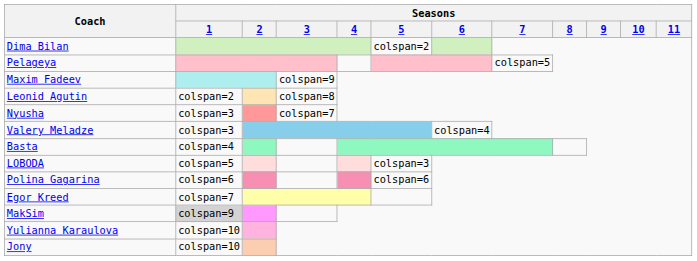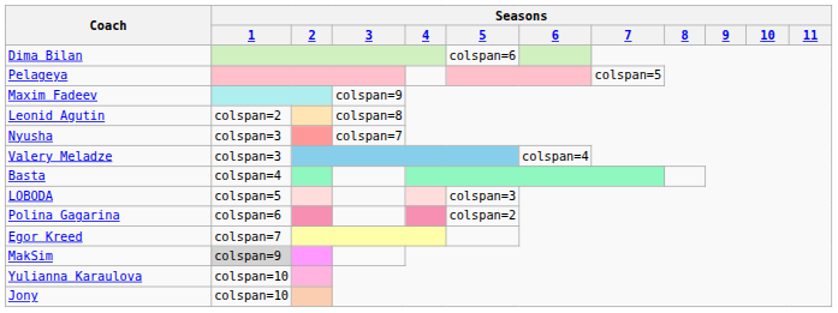 <table class="wikitable nowrap">
 <tr>
 <th rowspan=2 style="width:30%">Coach</th>
 <th colspan=11>Seasons</th>
 </tr>
 <tr>
 <th style="width:6%"><a href='#'>1</a></th>
 <th style="width:6%"><a href='#'>2</a></th>
 <th style="width:6%"><a href='#'>3</a></th>
 <th style="width:6%"><a href='#'>4</a></th>
 <th style="width:6%"><a href='#'>5</a></th>
 <th style="width:6%"><a href='#'>6</a></th>
 <th style="width:6%"><a href='#'>7</a></th>
 <th style="width:6%"><a href='#'>8</a></th>
 <th style="width:6%"><a href='#'>9</a></th>
 <th style="width:6%"><a href='#'>10</a></th>
 <th style="width:6%"><a href='#'>11</a></th>
 </tr>
 <tr>
 <td><a href='#'>Dima Bilan</a></td>
 <td colspan=4 bgcolor="#d0f0c0"></td>
-<td>colspan=2 </td>
+<td>colspan=6 </td>
 <td bgcolor="#d0f0c0"></td>
 </tr>
 <tr>
 <td><a href='#'>Pelageya</a></td>
 <td colspan=3 bgcolor="pink"></td>
 <td></td>
 <td colspan=2 bgcolor="pink"></td>
 <td>colspan=5 </td>
 </tr>
 <tr>
 <td><a href='#'>Maxim Fadeev</a></td>
 <td colspan=2 bgcolor="#afeeee"></td>
 <td>colspan=9 </td>
 </tr>
 <tr>
 <td><a href='#'>Leonid Agutin</a></td>
 <td>colspan=2 </td>
 <td bgcolor="#ffe5b4"></td>
 <td>colspan=8 </td>
 </tr>
 <tr>
 <td><a href='#'>Nyusha</a></td>
 <td>colspan=3 </td>
 <td bgcolor="#ff9999"></td>
 <td>colspan=7 </td>
 </tr>
 <tr>
 <td><a href='#'>Valery Meladze</a></td>
 <td>colspan=3 </td>
 <td colspan=4 bgcolor="#87ceeb"></td>
 <td>colspan=4 </td>
 </tr>
 <tr>
 <td><a href='#'>Basta</a></td>
 <td>colspan=4 </td>
 <td bgcolor="#8ff7c0"></td>
 <td></td>
 <td colspan=4 bgcolor="#8ff7c0"></td>
 <td></td>
 </tr>
 <tr>
 <td><a href='#'>LOBODA</a></td>
 <td>colspan=5 </td>
 <td bgcolor="#ffdddd"></td>
 <td></td>
 <td bgcolor="#ffdddd"></td>
 <td>colspan=3 </td>
 </tr>
 <tr>
 <td><a href='#'>Polina Gagarina</a></td>
 <td>colspan=6 </td>
 <td bgcolor="#F78FB2"></td>
 <td></td>
 <td bgcolor="#F78FB2"></td>
-<td>colspan=6 </td>
+<td>colspan=2 </td>
 </tr>
 <tr>
 <td><a href='#'>Egor Kreed</a></td>
 <td>colspan=7 </td>
 <td colspan=3 bgcolor="#ffffaa"></td>
 <td></td>
 </tr>
 <tr>
 <td><a href='#'>MakSim</a></td>
 <td style="background: lightgrey;">colspan=9 </td>
 <td bgcolor="#ff99ff"></td>
 <td></td>
 </tr>
 <tr>
 <td><a href='#'>Yulianna Karaulova</a></td>
 <td>colspan=10 </td>
 <td bgcolor="#ffb3de"></td>
 </tr>
 <tr>
 <td><a href='#'>Jony</a></td>
 <td>colspan=10 </td>
 <td bgcolor="#fbceb1"></td>
 </tr>
 </table>
